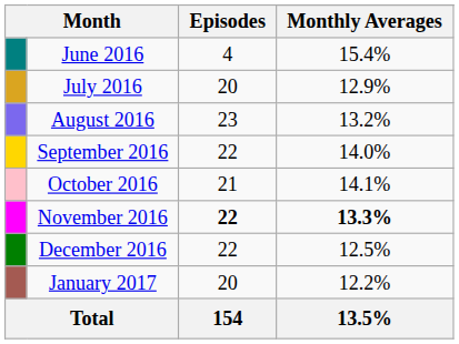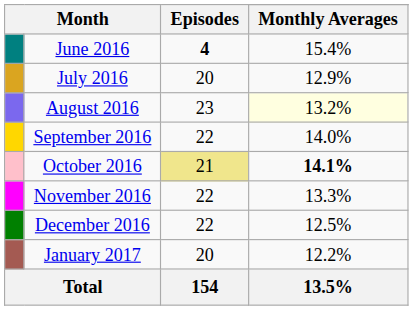 <table class="wikitable plainrowheaders" style="text-align: center; line-height:25px;">
 <tr class="wikitable" style="text-align: center;">
 <th colspan="2" rowspan="2" style="padding: 0 8px;">Month</th>
 <th rowspan="2" style="padding: 0 8px;">Episodes</th>
 </tr>
 <tr>
 <th style="padding: 0 8px;">Monthly Averages</th>
 </tr>
 <tr>
 <td style="padding: 0 8px; background:#008080;"></td>
 <td style="padding: 0 8px;" '><a href='#'>June 2016</a></td>
-<td style="padding: 0 8px;">4</td>
+<td style="padding: 0 8px;"><strong>4</strong></td>
 <td style="padding: 0 8px;">15.4%</td>
 </tr>
 <tr>
 <td style="padding: 0 8px; background:#DAA520;"></td>
 <td style="padding: 0 8px;" '><a href='#'>July 2016</a></td>
 <td style="padding: 0 8px;">20</td>
 <td style="padding: 0 8px;">12.9%</td>
 </tr>
 <tr>
 <td style="padding: 0 8px; background:#7B68EE;"></td>
 <td style="padding: 0 8px;" '><a href='#'>August 2016</a></td>
 <td style="padding: 0 8px;">23</td>
-<td style="padding: 0 8px;">13.2%</td>
+<td style="background: lightyellow; padding: 0 8px;">13.2%</td>
 </tr>
 <tr>
 <td style="padding: 0 8px; background:#FFD700;"></td>
 <td style="padding: 0 8px;" '><a href='#'>September 2016</a></td>
 <td style="padding: 0 8px;">22</td>
 <td style="padding: 0 8px;">14.0%</td>
 </tr>
 <tr>
 <td style="padding: 0 8px; background:#FFC0CB;"></td>
 <td style="padding: 0 8px;" '><a href='#'>October 2016</a></td>
-<td style="padding: 0 8px;">21</td>
-<td style="padding: 0 8px;">14.1%</td>
+<td style="background: khaki; padding: 0 8px;">21</td>
+<td style="padding: 0 8px;"><strong>14.1%</strong></td>
 </tr>
 <tr>
 <td style="padding: 0 8px; background:#FF00FF;"></td>
 <td style="padding: 0 8px;" '><a href='#'>November 2016</a></td>
-<td style="padding: 0 8px;"><strong>22</strong></td>
-<td style="padding: 0 8px;"><strong>13.3%</strong></td>
+<td style="padding: 0 8px;">22</td>
+<td style="padding: 0 8px;">13.3%</td>
 </tr>
 <tr>
 <td style="padding: 0 8px; background:#008000;"></td>
 <td style="padding: 0 8px;" '><a href='#'>December 2016</a></td>
 <td style="padding: 0 8px;">22</td>
 <td style="padding: 0 8px;">12.5%</td>
 </tr>
 <tr>
 <td style="padding: 0 8px; background:#A45A52;"></td>
 <td style="padding: 0 8px;" '><a href='#'>January 2017</a></td>
 <td style="padding: 0 8px;">20</td>
 <td style="padding: 0 8px;">12.2%</td>
 </tr>
 <tr>
 <th colspan="2">Total</th>
 <th colspan="1">154</th>
 <th colspan="2">13.5%</th>
 </tr>
 </table>
